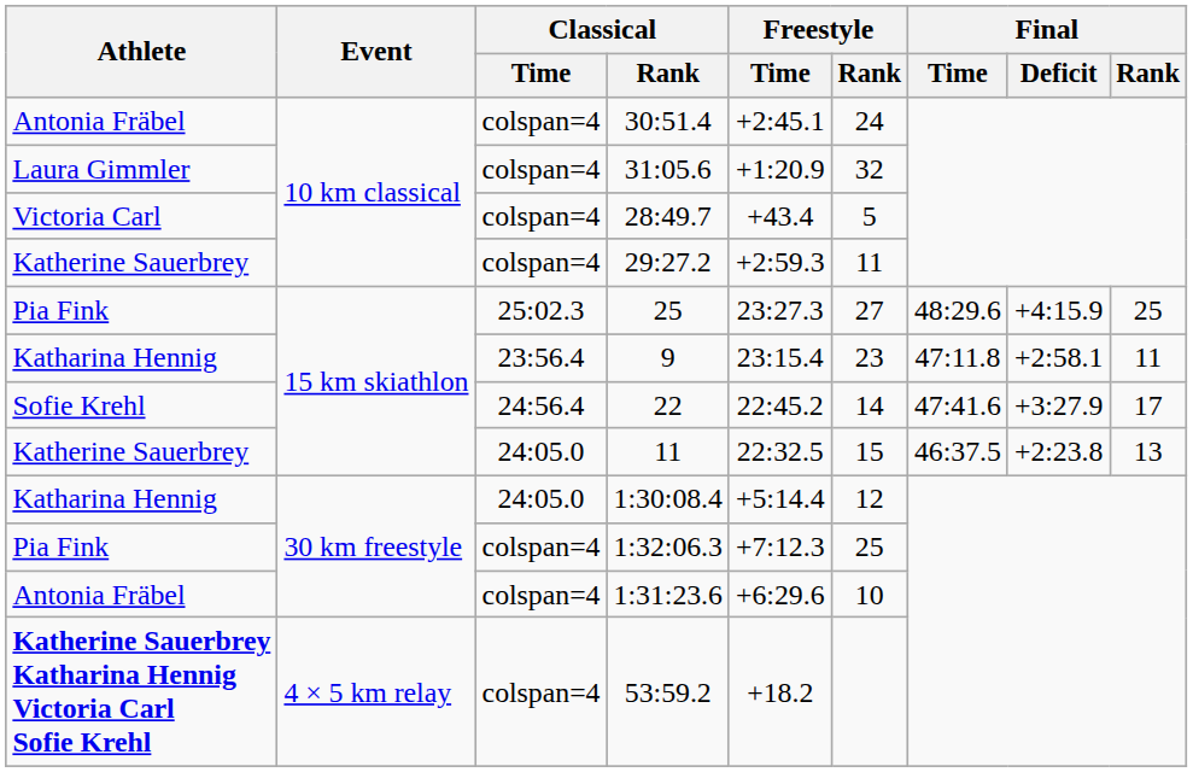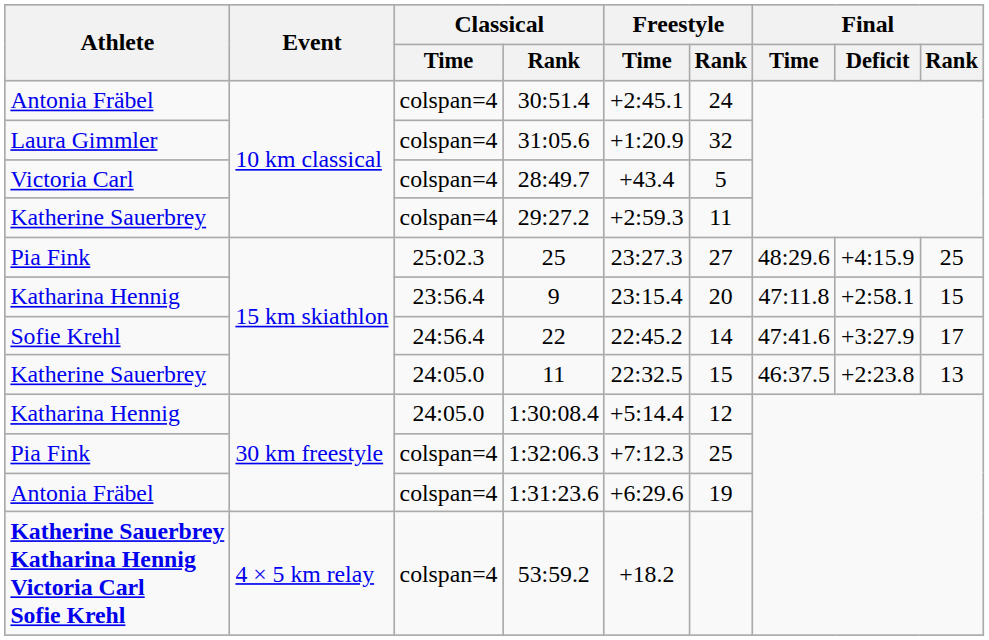 <table class="wikitable" style="font-size:90%">
 <tr>
 <th rowspan=2>Athlete</th>
 <th rowspan=2>Event</th>
 <th colspan=2>Classical</th>
 <th colspan=2>Freestyle</th>
 <th colspan=3>Final</th>
 </tr>
 <tr style="font-size: 95%">
 <th>Time</th>
 <th>Rank</th>
 <th>Time</th>
 <th>Rank</th>
 <th>Time</th>
 <th>Deficit</th>
 <th>Rank</th>
 </tr>
 <tr align=center>
 <td align=left><a href='#'>Antonia Fräbel</a></td>
 <td align=left rowspan=4><a href='#'>10 km classical</a></td>
 <td>colspan=4</td>
 <td>30:51.4</td>
 <td>+2:45.1</td>
 <td>24</td>
 </tr>
 <tr align=center>
 <td align=left><a href='#'>Laura Gimmler</a></td>
 <td>colspan=4</td>
 <td>31:05.6</td>
 <td>+1:20.9</td>
 <td>32</td>
 </tr>
 <tr align=center>
 <td align=left><a href='#'>Victoria Carl</a></td>
 <td>colspan=4</td>
 <td>28:49.7</td>
 <td>+43.4</td>
 <td>5</td>
 </tr>
 <tr align=center>
 <td align=left><a href='#'>Katherine Sauerbrey</a></td>
 <td>colspan=4</td>
 <td>29:27.2</td>
 <td>+2:59.3</td>
 <td>11</td>
 </tr>
 <tr align=center>
 <td align=left><a href='#'>Pia Fink</a></td>
 <td align=left rowspan=4><a href='#'>15 km skiathlon</a></td>
 <td>25:02.3</td>
 <td>25</td>
 <td>23:27.3</td>
 <td>27</td>
 <td>48:29.6</td>
 <td>+4:15.9</td>
 <td>25</td>
 </tr>
 <tr align=center>
 <td align=left><a href='#'>Katharina Hennig</a></td>
 <td>23:56.4</td>
 <td>9</td>
 <td>23:15.4</td>
-<td>23</td>
+<td>20</td>
 <td>47:11.8</td>
 <td>+2:58.1</td>
-<td>11</td>
+<td>15</td>
 </tr>
 <tr align=center>
 <td align=left><a href='#'>Sofie Krehl</a></td>
 <td>24:56.4</td>
 <td>22</td>
 <td>22:45.2</td>
 <td>14</td>
 <td>47:41.6</td>
 <td>+3:27.9</td>
 <td>17</td>
 </tr>
 <tr align=center>
 <td align=left><a href='#'>Katherine Sauerbrey</a></td>
 <td>24:05.0</td>
 <td>11</td>
 <td>22:32.5</td>
 <td>15</td>
 <td>46:37.5</td>
 <td>+2:23.8</td>
 <td>13</td>
 </tr>
 <tr align=center>
 <td align=left><a href='#'>Katharina Hennig</a></td>
 <td align=left rowspan=3><a href='#'>30 km freestyle</a></td>
 <td>24:05.0</td>
 <td>1:30:08.4</td>
 <td>+5:14.4</td>
 <td>12</td>
 </tr>
 <tr align=center>
 <td align=left><a href='#'>Pia Fink</a></td>
 <td>colspan=4</td>
 <td>1:32:06.3</td>
 <td>+7:12.3</td>
 <td>25</td>
 </tr>
 <tr align=center>
 <td align=left><a href='#'>Antonia Fräbel</a></td>
 <td>colspan=4</td>
 <td>1:31:23.6</td>
 <td>+6:29.6</td>
-<td>10</td>
+<td>19</td>
 </tr>
 <tr align=center>
 <td align=left><strong><a href='#'>Katherine Sauerbrey</a><br><a href='#'>Katharina Hennig</a><br><a href='#'>Victoria Carl</a><br><a href='#'>Sofie Krehl</a></strong></td>
 <td align=left><a href='#'>4 × 5 km relay</a></td>
 <td>colspan=4 </td>
 <td>53:59.2</td>
 <td>+18.2</td>
 <td></td>
 </tr>
 </table>
